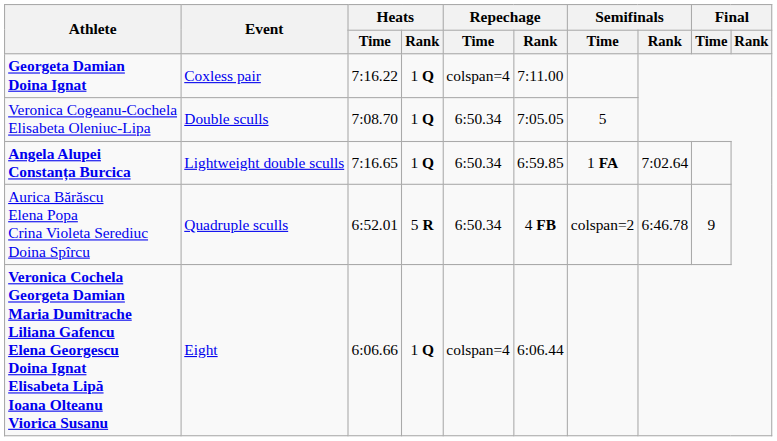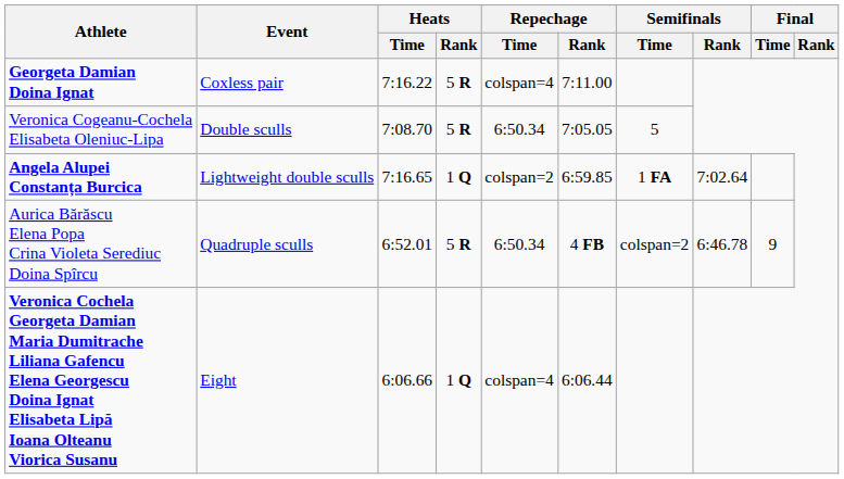 <table class="wikitable" style="font-size:90%;">
 <tr>
 <th rowspan="2">Athlete</th>
 <th rowspan="2">Event</th>
 <th colspan="2">Heats</th>
 <th colspan="2">Repechage</th>
 <th colspan="2">Semifinals</th>
 <th colspan="2">Final</th>
 </tr>
 <tr style="font-size:95%">
 <th>Time</th>
 <th>Rank</th>
 <th>Time</th>
 <th>Rank</th>
 <th>Time</th>
 <th>Rank</th>
 <th>Time</th>
 <th>Rank</th>
 </tr>
 <tr align=center>
 <td align=left><strong><a href='#'>Georgeta Damian</a></strong><br> <strong><a href='#'>Doina Ignat</a></strong></td>
 <td align=left><a href='#'>Coxless pair</a></td>
 <td>7:16.22</td>
-<td>1 <strong>Q</strong></td>
+<td>5 <strong>R</strong></td>
 <td>colspan=4 </td>
 <td>7:11.00</td>
 <td></td>
 </tr>
 <tr align=center>
 <td align=left><a href='#'>Veronica Cogeanu-Cochela</a><br> <a href='#'>Elisabeta Oleniuc-Lipa</a></td>
 <td align=left><a href='#'>Double sculls</a></td>
 <td>7:08.70</td>
-<td>1 <strong>Q</strong></td>
+<td>5 <strong>R</strong></td>
 <td>6:50.34</td>
 <td>7:05.05</td>
 <td>5</td>
 </tr>
 <tr align=center>
 <td align=left><strong><a href='#'>Angela Alupei</a></strong><br> <strong><a href='#'>Constanța Burcica</a></strong></td>
 <td align=left><a href='#'>Lightweight double sculls</a></td>
 <td>7:16.65</td>
 <td>1 <strong>Q</strong></td>
-<td>6:50.34</td>
+<td>colspan=2 </td>
 <td>6:59.85</td>
 <td>1 <strong>FA</strong></td>
 <td>7:02.64</td>
 <td></td>
 </tr>
 <tr align=center>
 <td align=left><a href='#'>Aurica Bărăscu</a><br> <a href='#'>Elena Popa</a><br> <a href='#'>Crina Violeta Serediuc</a><br> <a href='#'>Doina Spîrcu</a></td>
 <td align=left><a href='#'>Quadruple sculls</a></td>
 <td>6:52.01</td>
 <td>5 <strong>R</strong></td>
 <td>6:50.34</td>
 <td>4 <strong>FB</strong></td>
 <td>colspan=2 </td>
 <td>6:46.78</td>
 <td>9</td>
 </tr>
 <tr align=center>
 <td align=left><strong><a href='#'>Veronica Cochela</a></strong><br> <strong><a href='#'>Georgeta Damian</a></strong><br> <strong><a href='#'>Maria Dumitrache</a></strong><br> <strong><a href='#'>Liliana Gafencu</a></strong><br> <strong><a href='#'>Elena Georgescu</a></strong><br> <strong><a href='#'>Doina Ignat</a></strong><br> <strong><a href='#'>Elisabeta Lipă</a></strong><br> <strong><a href='#'>Ioana Olteanu</a></strong><br> <strong><a href='#'>Viorica Susanu</a></strong></td>
 <td align=left><a href='#'>Eight</a></td>
 <td>6:06.66</td>
 <td>1 <strong>Q</strong></td>
 <td>colspan=4 </td>
 <td>6:06.44</td>
 <td></td>
 </tr>
 </table>
